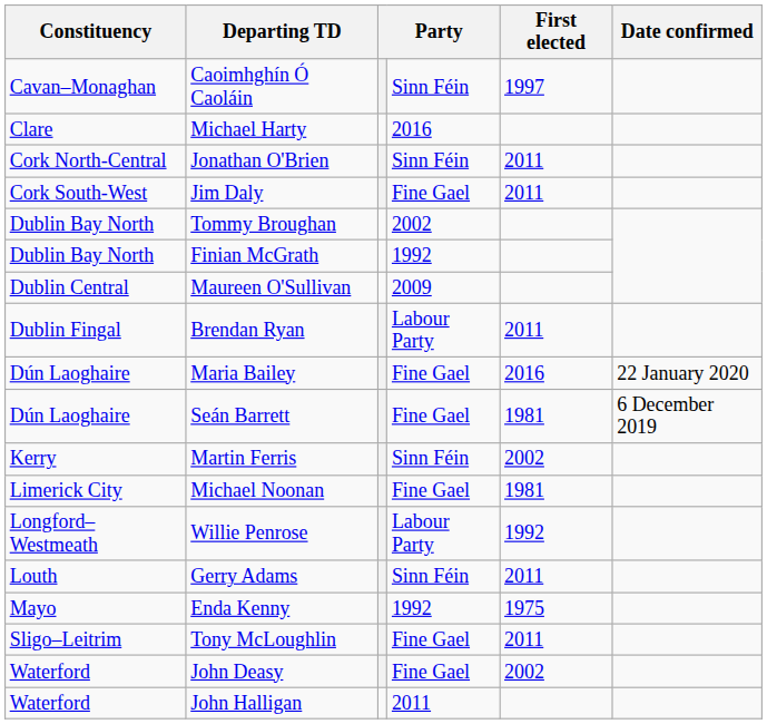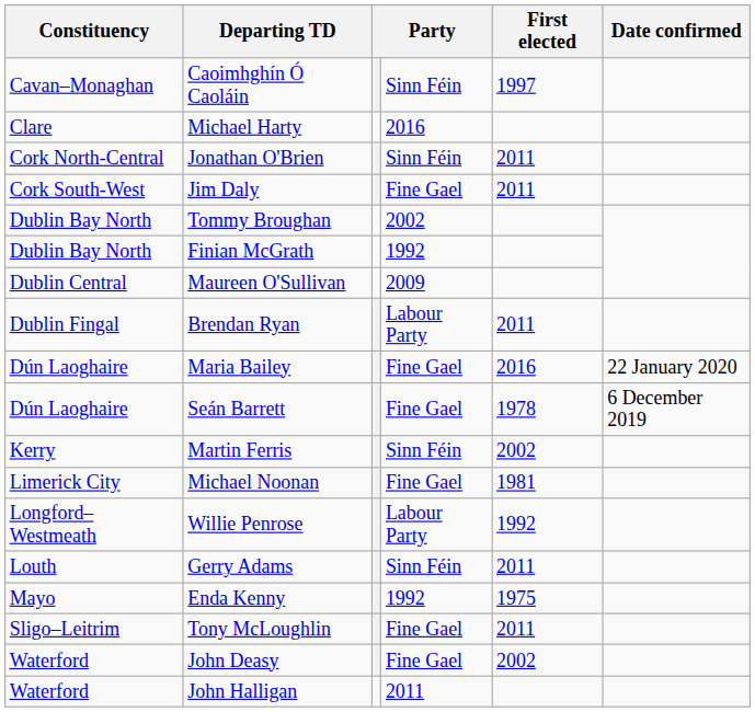 <table class="wikitable sortable">
 <tr>
 <th>Constituency</th>
 <th>Departing TD</th>
 <th colspan="2">Party</th>
 <th>First elected</th>
 <th>Date confirmed</th>
 </tr>
 <tr>
 <td><a href='#'>Cavan–Monaghan</a></td>
 <td data-sort-value="Ocaolain, Caoimhghin"><a href='#'>Caoimhghín Ó Caoláin</a></td>
 <th style="background-color: "></th>
 <td><a href='#'>Sinn Féin</a></td>
 <td><a href='#'>1997</a></td>
 <td></td>
 </tr>
 <tr>
 <td><a href='#'>Clare</a></td>
 <td data-sort-value="Harty, Michael"><a href='#'>Michael Harty</a></td>
 <td></td>
 <td><a href='#'>2016</a></td>
 <td></td>
 </tr>
 <tr>
 <td><a href='#'>Cork North-Central</a></td>
 <td data-sort-value="Obrien, Jonathan"><a href='#'>Jonathan O'Brien</a></td>
 <th style="background-color: "></th>
 <td><a href='#'>Sinn Féin</a></td>
 <td><a href='#'>2011</a></td>
 <td></td>
 </tr>
 <tr>
 <td><a href='#'>Cork South-West</a></td>
 <td data-sort-value="Daly, Jim"><a href='#'>Jim Daly</a></td>
 <th style="background-color: "></th>
 <td><a href='#'>Fine Gael</a></td>
 <td><a href='#'>2011</a></td>
 <td></td>
 </tr>
 <tr>
 <td><a href='#'>Dublin Bay North</a></td>
 <td data-sort-value="Broughan, Tommy"><a href='#'>Tommy Broughan</a></td>
 <td></td>
 <td><a href='#'>2002</a></td>
 <td></td>
 </tr>
 <tr>
 <td><a href='#'>Dublin Bay North</a></td>
 <td data-sort-value="McGrath, Finian"><a href='#'>Finian McGrath</a></td>
 <td></td>
 <td><a href='#'>1992</a></td>
 <td></td>
 </tr>
 <tr>
 <td><a href='#'>Dublin Central</a></td>
 <td data-sort-value="Osullivan, Maureen"><a href='#'>Maureen O'Sullivan</a></td>
 <td></td>
 <td><a href='#'>2009</a></td>
 <td></td>
 </tr>
 <tr>
 <td><a href='#'>Dublin Fingal</a></td>
 <td data-sort-value="Ryan, Brendan"><a href='#'>Brendan Ryan</a></td>
 <th style="background-color: "></th>
 <td><a href='#'>Labour Party</a></td>
 <td><a href='#'>2011</a></td>
 <td></td>
 </tr>
 <tr>
 <td><a href='#'>Dún Laoghaire</a></td>
 <td data-sort-value="Bailey, Maria"><a href='#'>Maria Bailey</a></td>
 <th style="background-color: "></th>
 <td><a href='#'>Fine Gael</a></td>
 <td><a href='#'>2016</a></td>
 <td>22 January 2020</td>
 </tr>
 <tr>
 <td><a href='#'>Dún Laoghaire</a></td>
 <td data-sort-value="Barrett, Sean"><a href='#'>Seán Barrett</a></td>
 <th style="background-color: "></th>
 <td><a href='#'>Fine Gael</a></td>
-<td><a href='#'>1981</a></td>
+<td><a href='#'>1978</a></td>
 <td>6 December 2019</td>
 </tr>
 <tr>
 <td><a href='#'>Kerry</a></td>
 <td data-sort-value="Ferris, Martin"><a href='#'>Martin Ferris</a></td>
 <th style="background-color: "></th>
 <td><a href='#'>Sinn Féin</a></td>
 <td><a href='#'>2002</a></td>
 <td></td>
 </tr>
 <tr>
 <td><a href='#'>Limerick City</a></td>
 <td data-sort-value="Noonan, Michael"><a href='#'>Michael Noonan</a></td>
 <th style="background-color: "></th>
 <td><a href='#'>Fine Gael</a></td>
 <td><a href='#'>1981</a></td>
 <td></td>
 </tr>
 <tr>
 <td><a href='#'>Longford–Westmeath</a></td>
 <td data-sort-value="Penrose, Willie"><a href='#'>Willie Penrose</a></td>
 <th style="background-color: "></th>
 <td><a href='#'>Labour Party</a></td>
 <td><a href='#'>1992</a></td>
 <td></td>
 </tr>
 <tr>
 <td><a href='#'>Louth</a></td>
 <td data-sort-value="Adams, Gerry"><a href='#'>Gerry Adams</a></td>
 <th style="background-color: "></th>
 <td><a href='#'>Sinn Féin</a></td>
 <td><a href='#'>2011</a></td>
 <td></td>
 </tr>
 <tr>
 <td><a href='#'>Mayo</a></td>
 <td data-sort-value="Kenny, Enda"><a href='#'>Enda Kenny</a></td>
 <th style="background-color: "></th>
 <td><a href='#'>1992</a></td>
 <td><a href='#'>1975</a></td>
 <td></td>
 </tr>
 <tr>
 <td><a href='#'>Sligo–Leitrim</a></td>
 <td data-sort-value="McLoughlin, Tony"><a href='#'>Tony McLoughlin</a></td>
 <th style="background-color: "></th>
 <td><a href='#'>Fine Gael</a></td>
 <td><a href='#'>2011</a></td>
 <td></td>
 </tr>
 <tr>
 <td><a href='#'>Waterford</a></td>
 <td data-sort-value="Deasy, John"><a href='#'>John Deasy</a></td>
 <th style="background-color: "></th>
 <td><a href='#'>Fine Gael</a></td>
 <td><a href='#'>2002</a></td>
 <td></td>
 </tr>
 <tr>
 <td><a href='#'>Waterford</a></td>
 <td data-sort-value="Halligan, John"><a href='#'>John Halligan</a></td>
 <td></td>
 <td><a href='#'>2011</a></td>
 <td></td>
 </tr>
 </table>
